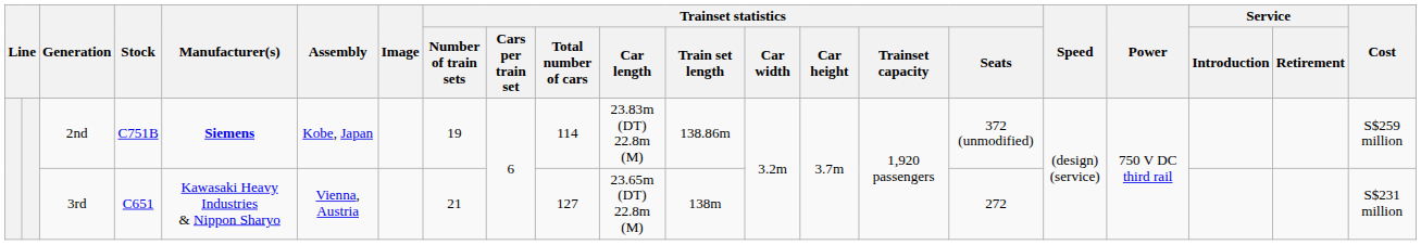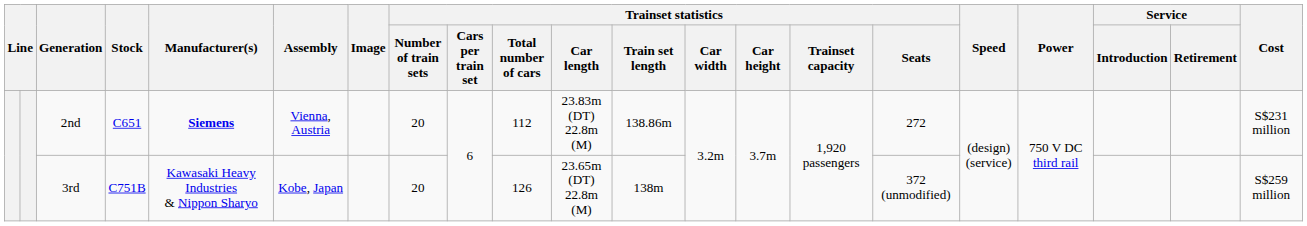 <table class="wikitable" style="margin: 0 auto; text-align:center">
 <tr>
 <th rowspan="2" colspan="2">Line</th>
 <th rowspan="2">Generation</th>
 <th rowspan="2">Stock</th>
 <th rowspan="2">Manufacturer(s)</th>
 <th rowspan="2">Assembly</th>
 <th rowspan="2">Image</th>
 <th colspan="9">Trainset statistics</th>
 <th rowspan="2" style="width:4em">Speed</th>
 <th rowspan="2">Power</th>
 <th colspan="2">Service</th>
 <th rowspan="2">Cost</th>
 </tr>
 <tr>
 <th style="width:4em">Number of train sets</th>
 <th style="width:3em">Cars per train set</th>
 <th style="width:4em">Total number of cars</th>
 <th>Car length</th>
 <th>Train set length</th>
 <th>Car width</th>
 <th>Car height</th>
 <th>Trainset capacity</th>
 <th>Seats</th>
 <th>Introduction</th>
 <th>Retirement</th>
 </tr>
 <tr>
 <th rowspan="6" style="background-color:#"><a href='#'></a></th>
 <th rowspan="6" style="background-color:#"><a href='#'></a></th>
 <td>2nd</td>
-<td><a href='#'>C751B</a></td>
+<td><a href='#'>C651</a></td>
 <td><strong><a href='#'>Siemens</a></strong></td>
-<td><a href='#'>Kobe</a>, <a href='#'>Japan</a></td>
+<td><a href='#'>Vienna</a>, <a href='#'>Austria</a></td>
 <td></td>
-<td>19</td>
+<td>20</td>
 <td rowspan="2">6</td>
-<td>114</td>
+<td>112</td>
 <td>23.83m (DT)<br>22.8m (M)</td>
 <td>138.86m</td>
 <td rowspan="2">3.2m</td>
 <td rowspan="2">3.7m</td>
 <td rowspan="2">1,920 passengers</td>
-<td>372 (unmodified)</td>
+<td>272</td>
 <td rowspan="2"> (design)<br> (service)</td>
 <td rowspan="2">750 V DC <a href='#'>third rail</a></td>
 <td></td>
 <td></td>
-<td>S$259 million</td>
+<td>S$231 million</td>
 </tr>
 <tr>
 <td>3rd</td>
-<td><a href='#'>C651</a></td>
+<td><a href='#'>C751B</a></td>
 <td><a href='#'>Kawasaki Heavy Industries</a><br>& <a href='#'>Nippon Sharyo</a></td>
-<td><a href='#'>Vienna</a>, <a href='#'>Austria</a></td>
+<td><a href='#'>Kobe</a>, <a href='#'>Japan</a></td>
 <td></td>
-<td>21</td>
-<td>127<wbr></td>
+<td>20</td>
+<td>126<wbr></td>
 <td>23.65m (DT)<br>22.8m (M)</td>
 <td>138m</td>
-<td>272</td>
+<td>372 (unmodified)</td>
 <td></td>
 <td></td>
-<td>S$231 million</td>
+<td>S$259 million</td>
 </tr>
 </table>
